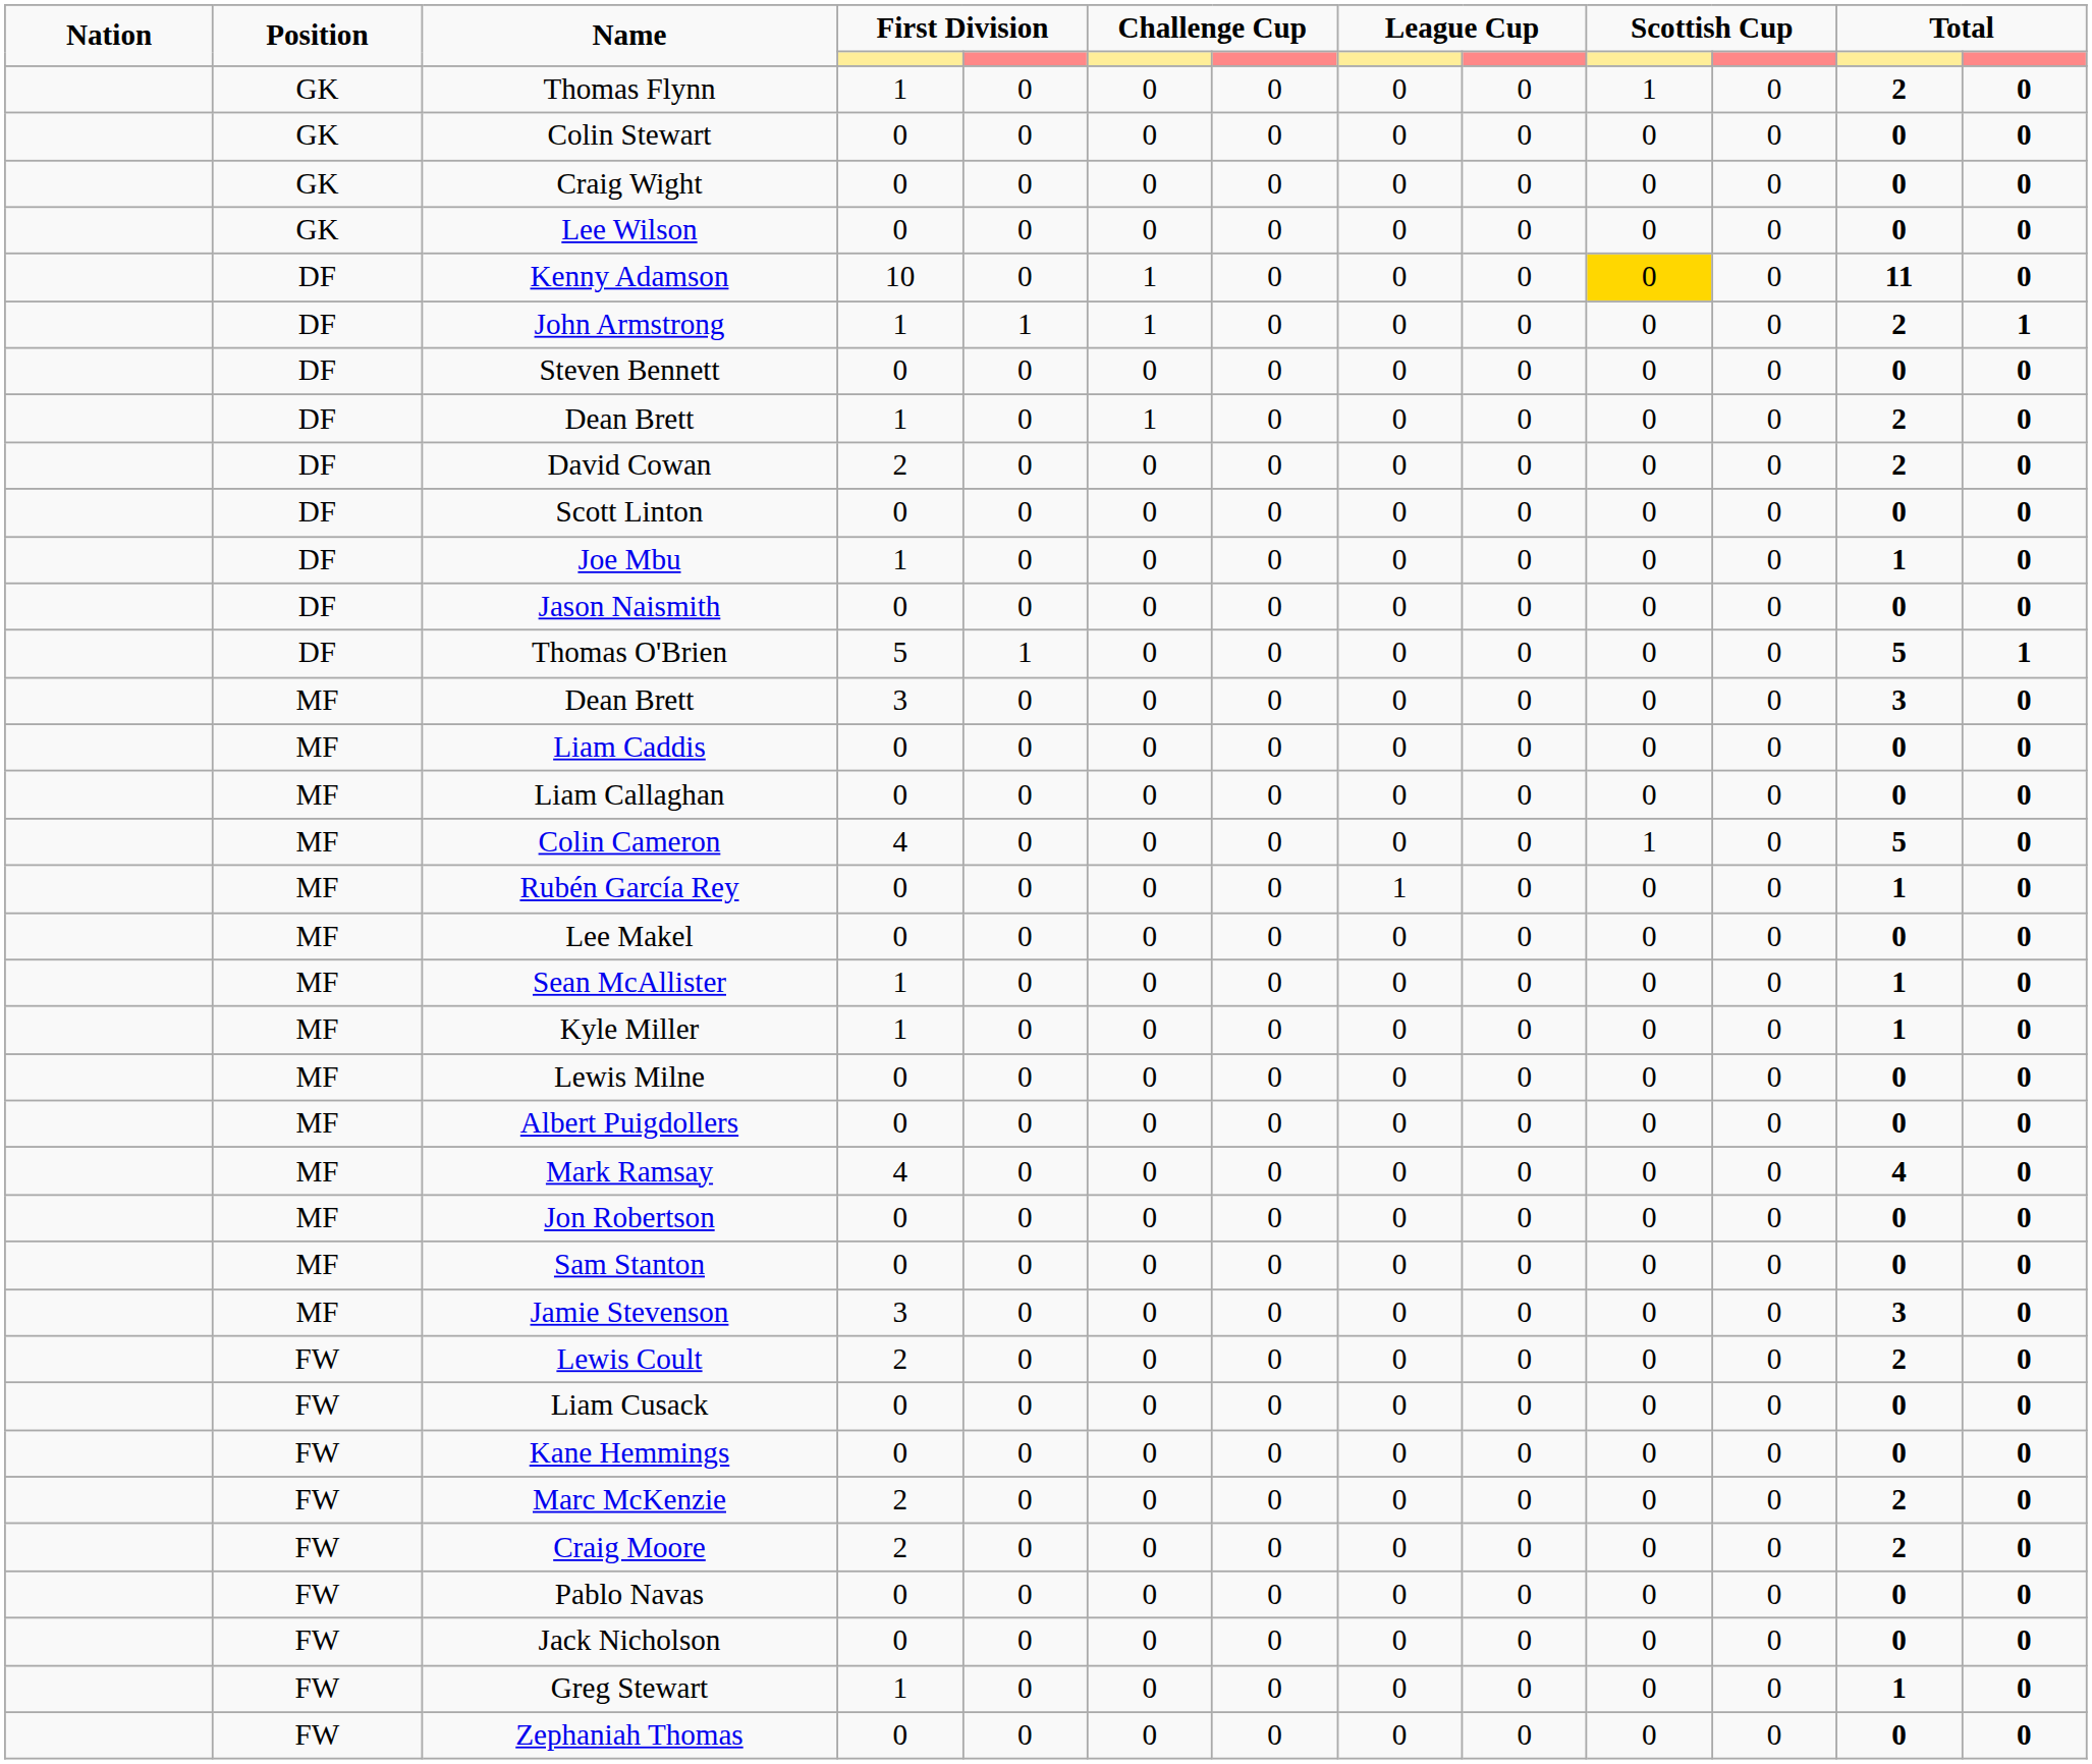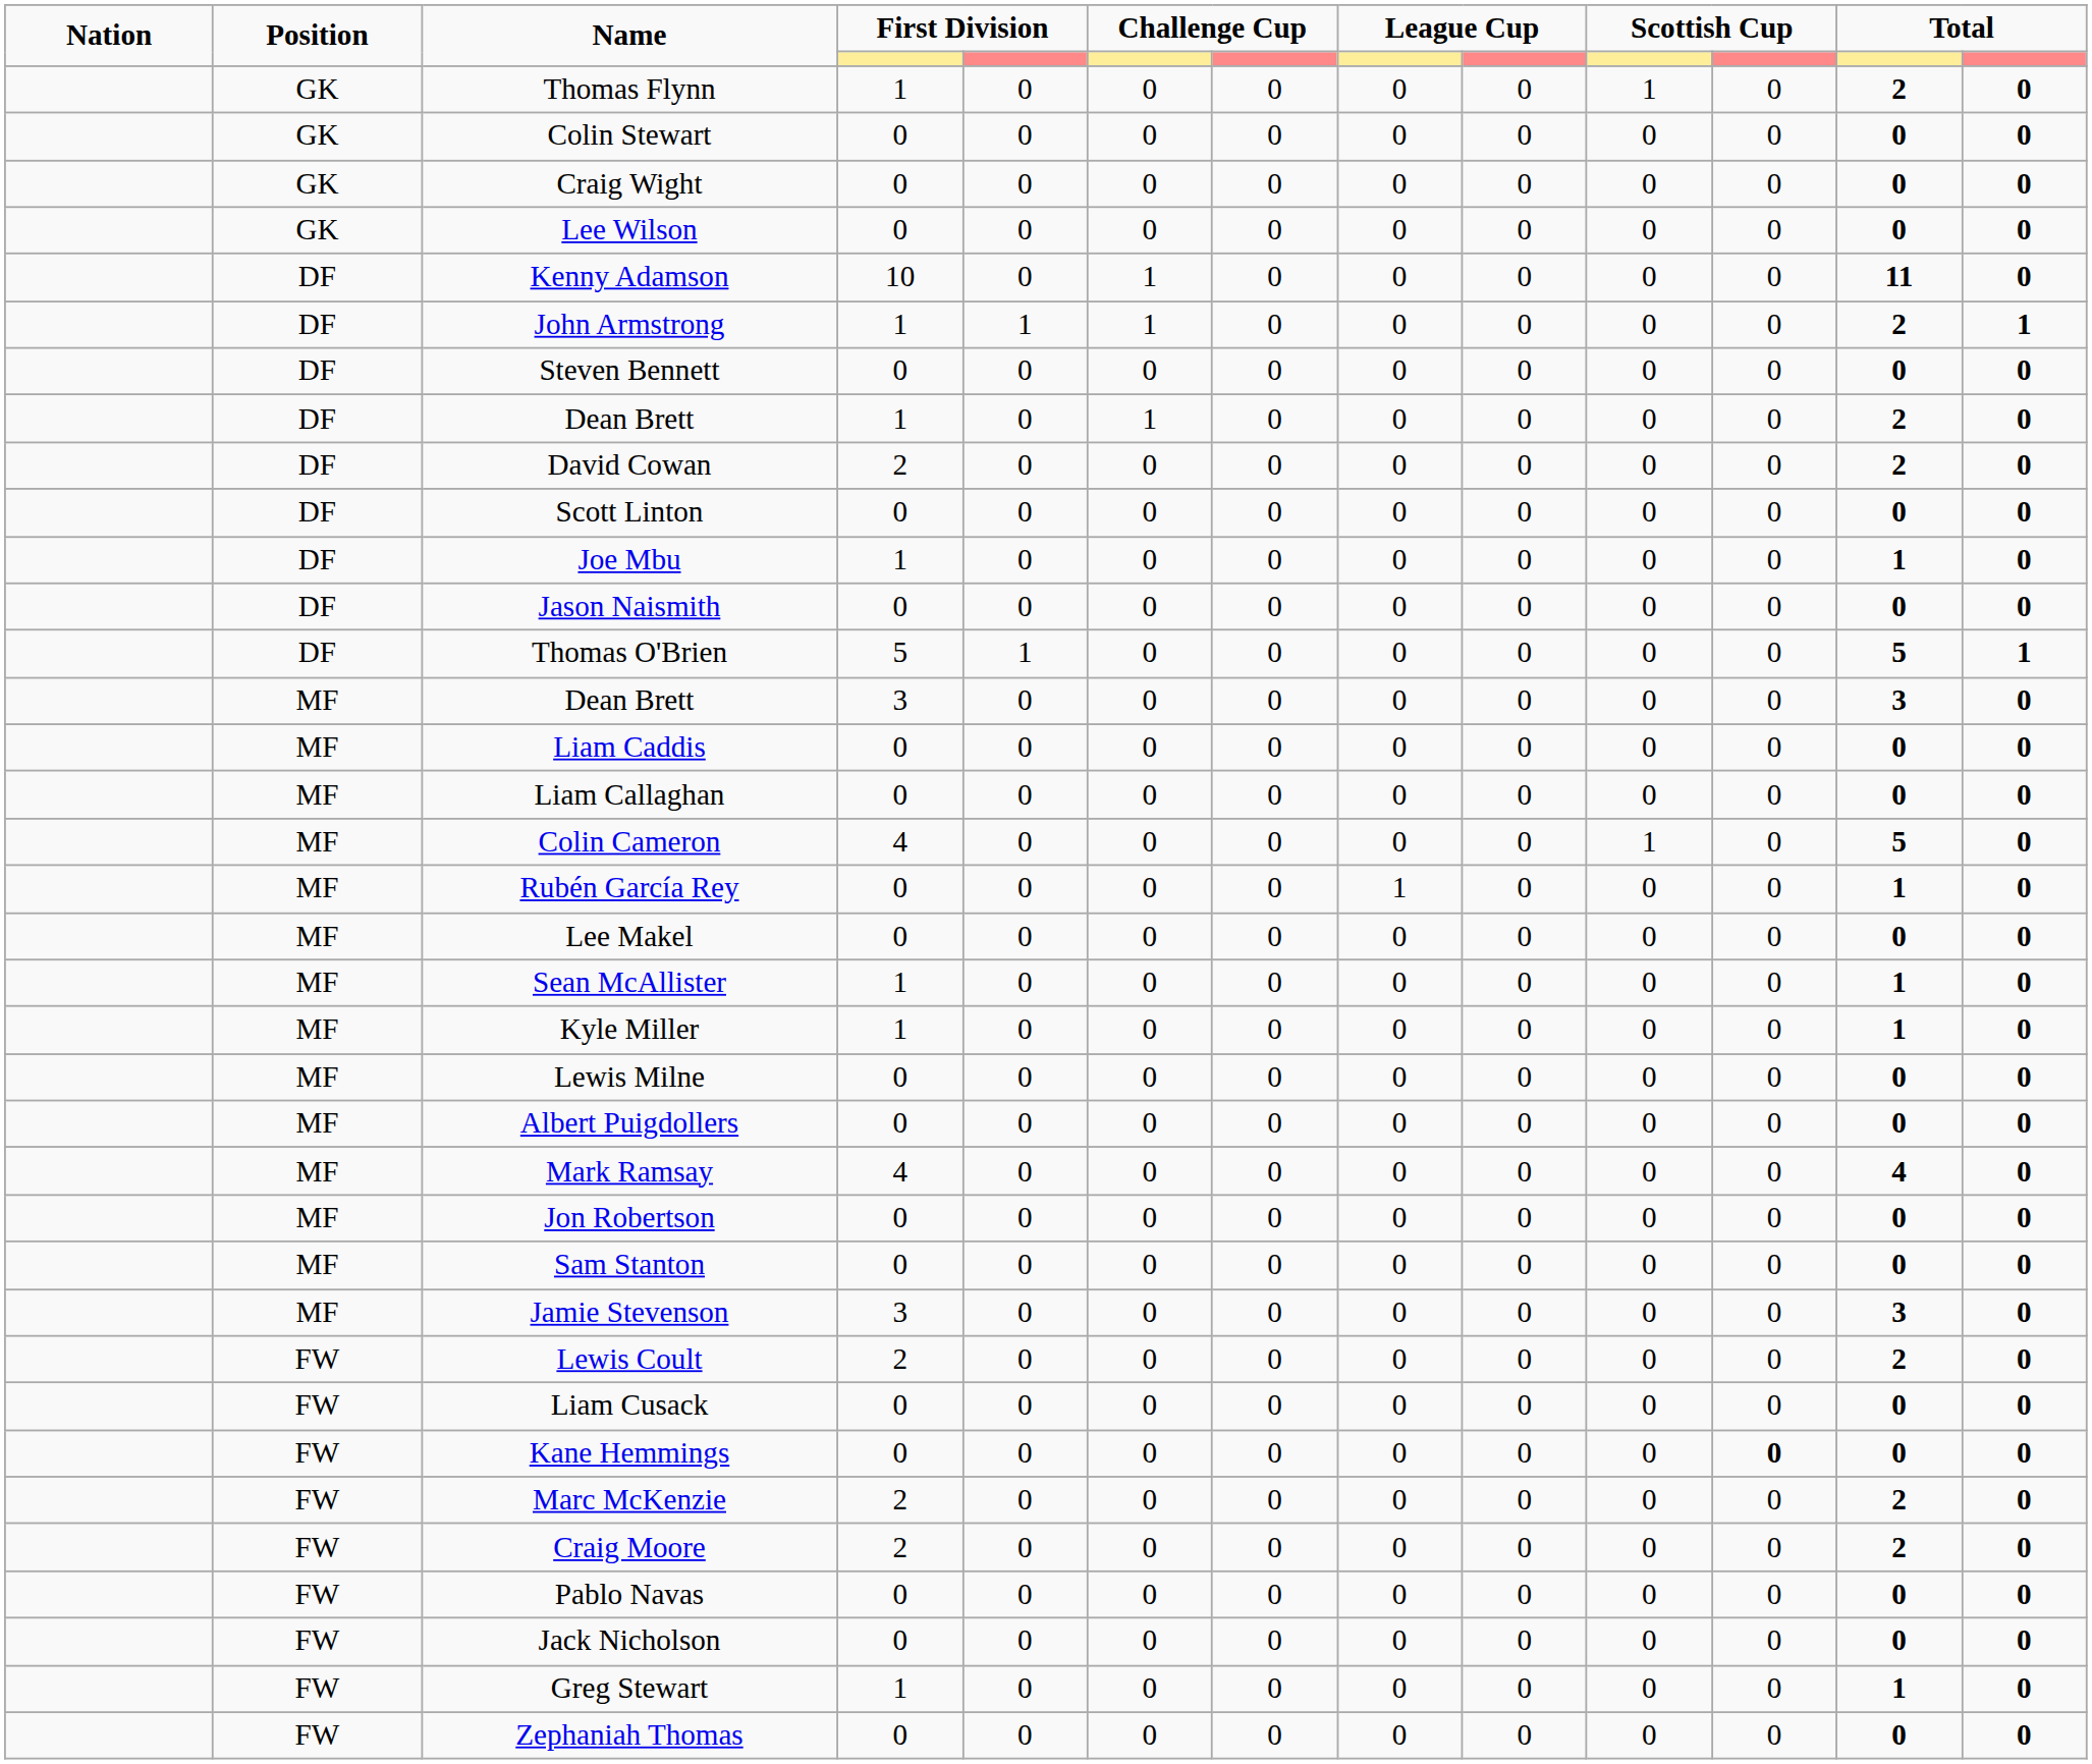 <table class="wikitable" style="text-align:center;">
 <tr style="text-align:center;">
 <td rowspan="2"  style="width:10%; "><strong>Nation</strong></td>
 <td rowspan="2"  style="width:10%; "><strong>Position</strong></td>
 <td rowspan="2"  style="width:20%; "><strong>Name</strong></td>
 <td colspan="2"><strong>First Division</strong></td>
 <td colspan="2"><strong>Challenge Cup</strong></td>
 <td colspan="2"><strong>League Cup</strong></td>
 <td colspan="2"><strong>Scottish Cup</strong></td>
 <td colspan="2"><strong>Total </strong></td>
 </tr>
 <tr>
 <th style="width:60px; background:#fe9;"></th>
 <th style="width:60px; background:#ff8888;"></th>
 <th style="width:60px; background:#fe9;"></th>
 <th style="width:60px; background:#ff8888;"></th>
 <th style="width:60px; background:#fe9;"></th>
 <th style="width:60px; background:#ff8888;"></th>
 <th style="width:60px; background:#fe9;"></th>
 <th style="width:60px; background:#ff8888;"></th>
 <th style="width:60px; background:#fe9;"></th>
 <th style="width:60px; background:#ff8888;"></th>
 </tr>
 <tr>
 <td></td>
 <td>GK</td>
 <td>Thomas Flynn</td>
 <td>1</td>
 <td>0</td>
 <td>0</td>
 <td>0</td>
 <td>0</td>
 <td>0</td>
 <td>1</td>
 <td>0</td>
 <td><strong>2</strong></td>
 <td><strong>0</strong></td>
 </tr>
 <tr>
 <td></td>
 <td>GK</td>
 <td>Colin Stewart</td>
 <td>0</td>
 <td>0</td>
 <td>0</td>
 <td>0</td>
 <td>0</td>
 <td>0</td>
 <td>0</td>
 <td>0</td>
 <td><strong>0</strong></td>
 <td><strong>0</strong></td>
 </tr>
 <tr>
 <td></td>
 <td>GK</td>
 <td>Craig Wight</td>
 <td>0</td>
 <td>0</td>
 <td>0</td>
 <td>0</td>
 <td>0</td>
 <td>0</td>
 <td>0</td>
 <td>0</td>
 <td><strong>0</strong></td>
 <td><strong>0</strong></td>
 </tr>
 <tr>
 <td></td>
 <td>GK</td>
 <td><a href='#'>Lee Wilson</a></td>
 <td>0</td>
 <td>0</td>
 <td>0</td>
 <td>0</td>
 <td>0</td>
 <td>0</td>
 <td>0</td>
 <td>0</td>
 <td><strong>0</strong></td>
 <td><strong>0</strong></td>
 </tr>
 <tr>
 <td></td>
 <td>DF</td>
 <td><a href='#'>Kenny Adamson</a></td>
 <td>10</td>
 <td>0</td>
 <td>1</td>
 <td>0</td>
 <td>0</td>
 <td>0</td>
-<td style="background: gold;">0</td>
+<td>0</td>
 <td>0</td>
 <td><strong>11</strong></td>
 <td><strong>0</strong></td>
 </tr>
 <tr>
 <td></td>
 <td>DF</td>
 <td><a href='#'>John Armstrong</a></td>
 <td>1</td>
 <td>1</td>
 <td>1</td>
 <td>0</td>
 <td>0</td>
 <td>0</td>
 <td>0</td>
 <td>0</td>
 <td><strong>2</strong></td>
 <td><strong>1</strong></td>
 </tr>
 <tr>
 <td></td>
 <td>DF</td>
 <td>Steven Bennett</td>
 <td>0</td>
 <td>0</td>
 <td>0</td>
 <td>0</td>
 <td>0</td>
 <td>0</td>
 <td>0</td>
 <td>0</td>
 <td><strong>0</strong></td>
 <td><strong>0</strong></td>
 </tr>
 <tr>
 <td></td>
 <td>DF</td>
 <td>Dean Brett</td>
 <td>1</td>
 <td>0</td>
 <td>1</td>
 <td>0</td>
 <td>0</td>
 <td>0</td>
 <td>0</td>
 <td>0</td>
 <td><strong>2</strong></td>
 <td><strong>0</strong></td>
 </tr>
 <tr>
 <td></td>
 <td>DF</td>
 <td>David Cowan</td>
 <td>2</td>
 <td>0</td>
 <td>0</td>
 <td>0</td>
 <td>0</td>
 <td>0</td>
 <td>0</td>
 <td>0</td>
 <td><strong>2</strong></td>
 <td><strong>0</strong></td>
 </tr>
 <tr>
 <td></td>
 <td>DF</td>
 <td>Scott Linton</td>
 <td>0</td>
 <td>0</td>
 <td>0</td>
 <td>0</td>
 <td>0</td>
 <td>0</td>
 <td>0</td>
 <td>0</td>
 <td><strong>0</strong></td>
 <td><strong>0</strong></td>
 </tr>
 <tr>
 <td></td>
 <td>DF</td>
 <td><a href='#'>Joe Mbu</a></td>
 <td>1</td>
 <td>0</td>
 <td>0</td>
 <td>0</td>
 <td>0</td>
 <td>0</td>
 <td>0</td>
 <td>0</td>
 <td><strong>1</strong></td>
 <td><strong>0</strong></td>
 </tr>
 <tr>
 <td></td>
 <td>DF</td>
 <td><a href='#'>Jason Naismith</a></td>
 <td>0</td>
 <td>0</td>
 <td>0</td>
 <td>0</td>
 <td>0</td>
 <td>0</td>
 <td>0</td>
 <td>0</td>
 <td><strong>0</strong></td>
 <td><strong>0</strong></td>
 </tr>
 <tr>
 <td></td>
 <td>DF</td>
 <td>Thomas O'Brien</td>
 <td>5</td>
 <td>1</td>
 <td>0</td>
 <td>0</td>
 <td>0</td>
 <td>0</td>
 <td>0</td>
 <td>0</td>
 <td><strong>5</strong></td>
 <td><strong>1</strong></td>
 </tr>
 <tr>
 <td></td>
 <td>MF</td>
 <td>Dean Brett</td>
 <td>3</td>
 <td>0</td>
 <td>0</td>
 <td>0</td>
 <td>0</td>
 <td>0</td>
 <td>0</td>
 <td>0</td>
 <td><strong>3</strong></td>
 <td><strong>0</strong></td>
 </tr>
 <tr>
 <td></td>
 <td>MF</td>
 <td><a href='#'>Liam Caddis</a></td>
 <td>0</td>
 <td>0</td>
 <td>0</td>
 <td>0</td>
 <td>0</td>
 <td>0</td>
 <td>0</td>
 <td>0</td>
 <td><strong>0</strong></td>
 <td><strong>0</strong></td>
 </tr>
 <tr>
 <td></td>
 <td>MF</td>
 <td>Liam Callaghan</td>
 <td>0</td>
 <td>0</td>
 <td>0</td>
 <td>0</td>
 <td>0</td>
 <td>0</td>
 <td>0</td>
 <td>0</td>
 <td><strong>0</strong></td>
 <td><strong>0</strong></td>
 </tr>
 <tr>
 <td></td>
 <td>MF</td>
 <td><a href='#'>Colin Cameron</a></td>
 <td>4</td>
 <td>0</td>
 <td>0</td>
 <td>0</td>
 <td>0</td>
 <td>0</td>
 <td>1</td>
 <td>0</td>
 <td><strong>5</strong></td>
 <td><strong>0</strong></td>
 </tr>
 <tr>
 <td></td>
 <td>MF</td>
 <td><a href='#'>Rubén García Rey</a></td>
 <td>0</td>
 <td>0</td>
 <td>0</td>
 <td>0</td>
 <td>1</td>
 <td>0</td>
 <td>0</td>
 <td>0</td>
 <td><strong>1</strong></td>
 <td><strong>0</strong></td>
 </tr>
 <tr>
 <td></td>
 <td>MF</td>
 <td>Lee Makel</td>
 <td>0</td>
 <td>0</td>
 <td>0</td>
 <td>0</td>
 <td>0</td>
 <td>0</td>
 <td>0</td>
 <td>0</td>
 <td><strong>0</strong></td>
 <td><strong>0</strong></td>
 </tr>
 <tr>
 <td></td>
 <td>MF</td>
 <td><a href='#'>Sean McAllister</a></td>
 <td>1</td>
 <td>0</td>
 <td>0</td>
 <td>0</td>
 <td>0</td>
 <td>0</td>
 <td>0</td>
 <td>0</td>
 <td><strong>1</strong></td>
 <td><strong>0</strong></td>
 </tr>
 <tr>
 <td></td>
 <td>MF</td>
 <td>Kyle Miller</td>
 <td>1</td>
 <td>0</td>
 <td>0</td>
 <td>0</td>
 <td>0</td>
 <td>0</td>
 <td>0</td>
 <td>0</td>
 <td><strong>1</strong></td>
 <td><strong>0</strong></td>
 </tr>
 <tr>
 <td></td>
 <td>MF</td>
 <td>Lewis Milne</td>
 <td>0</td>
 <td>0</td>
 <td>0</td>
 <td>0</td>
 <td>0</td>
 <td>0</td>
 <td>0</td>
 <td>0</td>
 <td><strong>0</strong></td>
 <td><strong>0</strong></td>
 </tr>
 <tr>
 <td></td>
 <td>MF</td>
 <td><a href='#'>Albert Puigdollers</a></td>
 <td>0</td>
 <td>0</td>
 <td>0</td>
 <td>0</td>
 <td>0</td>
 <td>0</td>
 <td>0</td>
 <td>0</td>
 <td><strong>0</strong></td>
 <td><strong>0</strong></td>
 </tr>
 <tr>
 <td></td>
 <td>MF</td>
 <td><a href='#'>Mark Ramsay</a></td>
 <td>4</td>
 <td>0</td>
 <td>0</td>
 <td>0</td>
 <td>0</td>
 <td>0</td>
 <td>0</td>
 <td>0</td>
 <td><strong>4</strong></td>
 <td><strong>0</strong></td>
 </tr>
 <tr>
 <td></td>
 <td>MF</td>
 <td><a href='#'>Jon Robertson</a></td>
 <td>0</td>
 <td>0</td>
 <td>0</td>
 <td>0</td>
 <td>0</td>
 <td>0</td>
 <td>0</td>
 <td>0</td>
 <td><strong>0</strong></td>
 <td><strong>0</strong></td>
 </tr>
 <tr>
 <td></td>
 <td>MF</td>
 <td><a href='#'>Sam Stanton</a></td>
 <td>0</td>
 <td>0</td>
 <td>0</td>
 <td>0</td>
 <td>0</td>
 <td>0</td>
 <td>0</td>
 <td>0</td>
 <td><strong>0</strong></td>
 <td><strong>0</strong></td>
 </tr>
 <tr>
 <td></td>
 <td>MF</td>
 <td><a href='#'>Jamie Stevenson</a></td>
 <td>3</td>
 <td>0</td>
 <td>0</td>
 <td>0</td>
 <td>0</td>
 <td>0</td>
 <td>0</td>
 <td>0</td>
 <td><strong>3</strong></td>
 <td><strong>0</strong></td>
 </tr>
 <tr>
 <td></td>
 <td>FW</td>
 <td><a href='#'>Lewis Coult</a></td>
 <td>2</td>
 <td>0</td>
 <td>0</td>
 <td>0</td>
 <td>0</td>
 <td>0</td>
 <td>0</td>
 <td>0</td>
 <td><strong>2</strong></td>
 <td><strong>0</strong></td>
 </tr>
 <tr>
 <td></td>
 <td>FW</td>
 <td>Liam Cusack</td>
 <td>0</td>
 <td>0</td>
 <td>0</td>
 <td>0</td>
 <td>0</td>
 <td>0</td>
 <td>0</td>
 <td>0</td>
 <td><strong>0</strong></td>
 <td><strong>0</strong></td>
 </tr>
 <tr>
 <td></td>
 <td>FW</td>
 <td><a href='#'>Kane Hemmings</a></td>
 <td>0</td>
 <td>0</td>
 <td>0</td>
 <td>0</td>
 <td>0</td>
 <td>0</td>
 <td>0</td>
-<td>0</td>
+<td><strong>0</strong></td>
 <td><strong>0</strong></td>
 <td><strong>0</strong></td>
 </tr>
 <tr>
 <td></td>
 <td>FW</td>
 <td><a href='#'>Marc McKenzie</a></td>
 <td>2</td>
 <td>0</td>
 <td>0</td>
 <td>0</td>
 <td>0</td>
 <td>0</td>
 <td>0</td>
 <td>0</td>
 <td><strong>2</strong></td>
 <td><strong>0</strong></td>
 </tr>
 <tr>
 <td></td>
 <td>FW</td>
 <td><a href='#'>Craig Moore</a></td>
 <td>2</td>
 <td>0</td>
 <td>0</td>
 <td>0</td>
 <td>0</td>
 <td>0</td>
 <td>0</td>
 <td>0</td>
 <td><strong>2</strong></td>
 <td><strong>0</strong></td>
 </tr>
 <tr>
 <td></td>
 <td>FW</td>
 <td>Pablo Navas</td>
 <td>0</td>
 <td>0</td>
 <td>0</td>
 <td>0</td>
 <td>0</td>
 <td>0</td>
 <td>0</td>
 <td>0</td>
 <td><strong>0</strong></td>
 <td><strong>0</strong></td>
 </tr>
 <tr>
 <td></td>
 <td>FW</td>
 <td>Jack Nicholson</td>
 <td>0</td>
 <td>0</td>
 <td>0</td>
 <td>0</td>
 <td>0</td>
 <td>0</td>
 <td>0</td>
 <td>0</td>
 <td><strong>0</strong></td>
 <td><strong>0</strong></td>
 </tr>
 <tr>
 <td></td>
 <td>FW</td>
 <td>Greg Stewart</td>
 <td>1</td>
 <td>0</td>
 <td>0</td>
 <td>0</td>
 <td>0</td>
 <td>0</td>
 <td>0</td>
 <td>0</td>
 <td><strong>1</strong></td>
 <td><strong>0</strong></td>
 </tr>
 <tr>
 <td></td>
 <td>FW</td>
 <td><a href='#'>Zephaniah Thomas</a></td>
 <td>0</td>
 <td>0</td>
 <td>0</td>
 <td>0</td>
 <td>0</td>
 <td>0</td>
 <td>0</td>
 <td>0</td>
 <td><strong>0</strong></td>
 <td><strong>0</strong></td>
 </tr>
 </table>
